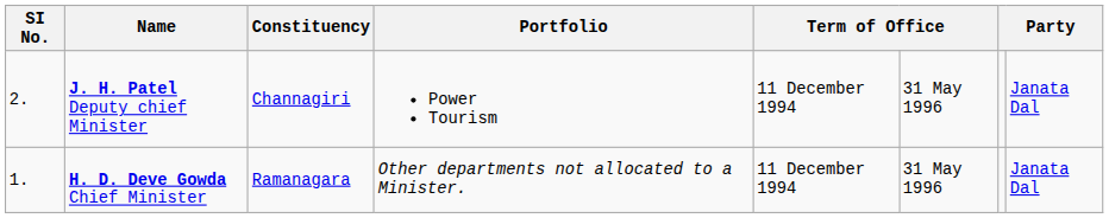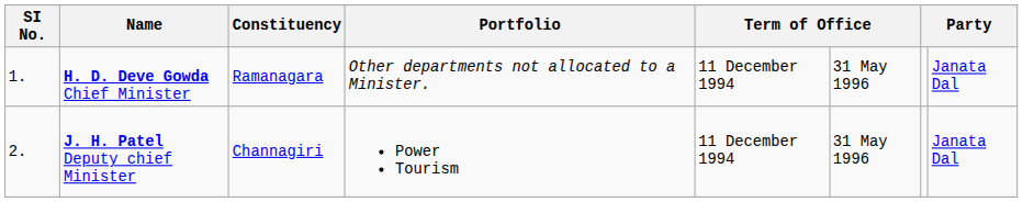 <table class="wikitable">
 <tr>
 <th>SI No.</th>
 <th>Name</th>
 <th>Constituency</th>
 <th>Portfolio</th>
 <th colspan="2">Term of Office</th>
 <th colspan="2">Party</th>
+</tr>
+<tr>
+<td>1.</td>
+<td><br><strong><a href='#'>H. D. Deve Gowda</a></strong><br><a href='#'>Chief Minister</a></td>
+<td><a href='#'>Ramanagara</a></td>
+<td><em>Other departments not allocated to a Minister.</em></td>
+<td>11 December 1994</td>
+<td>31 May 1996</td>
+<td style="background:"></td>
+<td><a href='#'>Janata Dal</a></td>
 </tr>
 <tr>
 <td>2.</td>
 <td><br><strong><a href='#'>J. H. Patel</a></strong><br><a href='#'>Deputy chief Minister</a></td>
 <td><a href='#'>Channagiri</a></td>
 <td><br><ul><li>Power</li><li>Tourism</li></ul></td>
 <td>11 December 1994</td>
 <td>31 May 1996</td>
 <td style="background:"></td>
 <td><a href='#'>Janata Dal</a></td>
 </tr>
-<tr>
-<td>1.</td>
-<td><br><strong><a href='#'>H. D. Deve Gowda</a></strong><br><a href='#'>Chief Minister</a></td>
-<td><a href='#'>Ramanagara</a></td>
-<td><em>Other departments not allocated to a Minister.</em></td>
-<td>11 December 1994</td>
-<td>31 May 1996</td>
-<td style="background:"></td>
-<td><a href='#'>Janata Dal</a></td>
-</tr>
 </table>
